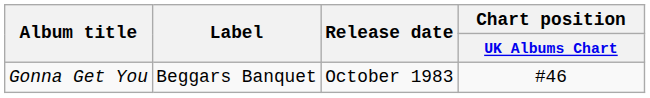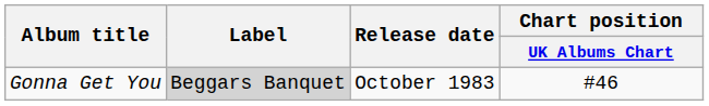 <table class="wikitable">
 <tr>
 <th rowspan="2">Album title</th>
 <th rowspan="2">Label</th>
 <th rowspan="2">Release date</th>
 <th colspan="1">Chart position</th>
 </tr>
 <tr>
 <th width="130"><small><a href='#'>UK Albums Chart</a></small></th>
 </tr>
 <tr>
 <td><em>Gonna Get You</em></td>
-<td>Beggars Banquet</td>
+<td style="background: lightgrey;">Beggars Banquet</td>
 <td>October 1983</td>
 <td align="center">#46</td>
 </tr>
 </table>
